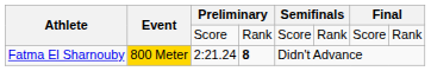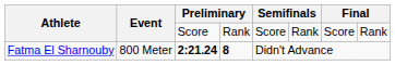 <table class="wikitable">
 <tr>
 <th rowspan="2">Athlete</th>
 <th rowspan="2">Event</th>
 <th colspan="2">Preliminary</th>
 <th colspan="2">Semifinals</th>
 <th colspan="2">Final</th>
 </tr>
 <tr>
 <td>Score</td>
 <td>Rank</td>
 <td>Score</td>
 <td>Rank</td>
 <td>Score</td>
 <td>Rank</td>
 </tr>
 <tr>
 <td><a href='#'>Fatma El Sharnouby</a></td>
-<td style="background: gold;">800 Meter</td>
-<td>2:21.24</td>
+<td>800 Meter</td>
+<td><strong>2:21.24</strong></td>
 <td><strong>8</strong></td>
 <td colspan="4">Didn't Advance</td>
 </tr>
 </table>
